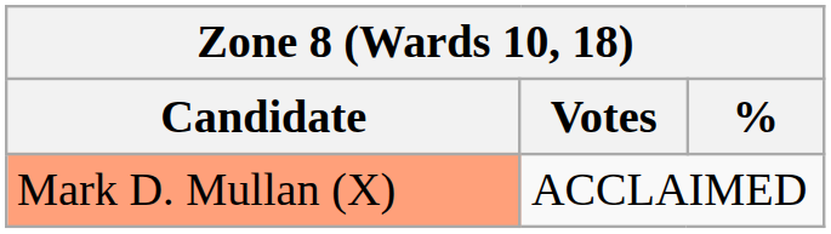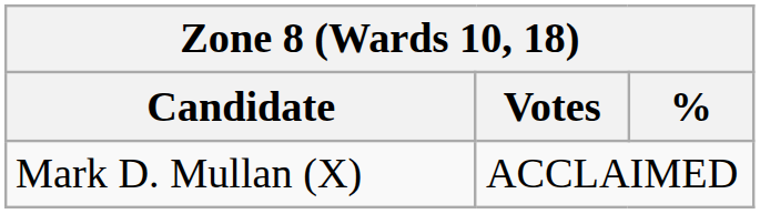 <table class="wikitable">
 <tr>
 <th colspan="3">Zone 8 (Wards 10, 18)</th>
 </tr>
 <tr>
 <th style="width: 170px">Candidate</th>
 <th style="width: 50px">Votes</th>
 <th style="width: 40px">%</th>
 </tr>
 <tr>
-<td style="background: lightsalmon;">Mark D. Mullan (X)</td>
+<td>Mark D. Mullan (X)</td>
 <td colspan="2">ACCLAIMED</td>
 </tr>
 </table>
